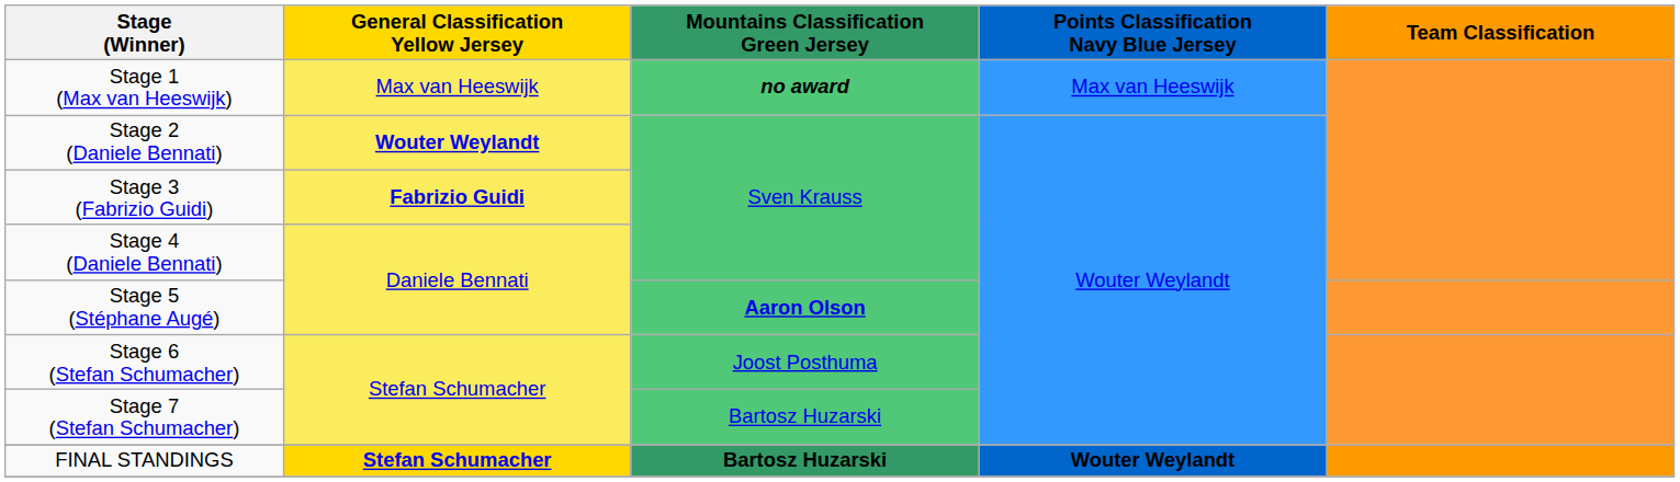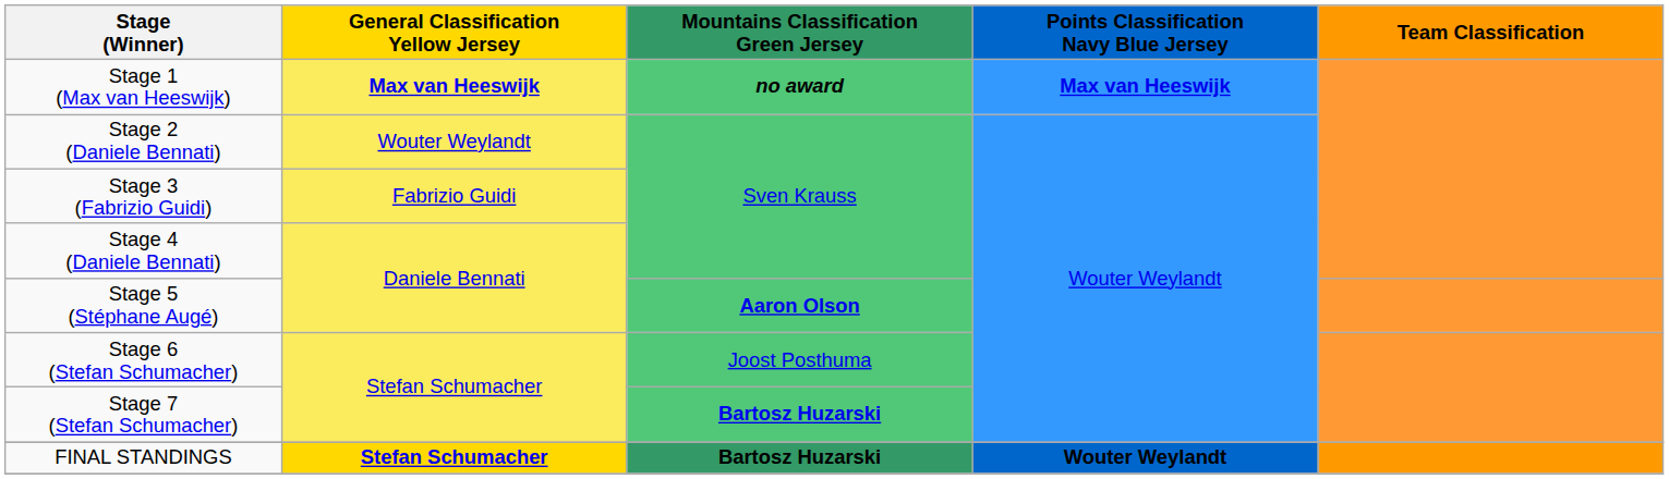 <table class="wikitable" style="text-align: center; font-size:smaller;">
 <tr style="background-color: #efefef;">
 <th width="12%">Stage<br>(Winner)</th>
 <th style="background:#FFD800;" width="15%">General Classification<br>Yellow Jersey</th>
 <th style="background:#339966;" width="15%">Mountains Classification<br>Green Jersey</th>
 <th style="background:#0066CC;" width="15%">Points Classification<br>Navy Blue Jersey</th>
 <th style="background:#FF9900;" width="15%">Team Classification</th>
 </tr>
 <tr>
 <td>Stage 1<br>(<a href='#'>Max van Heeswijk</a>)</td>
-<td style="background:#FBEC5D;" rowspan="1"><a href='#'>Max van Heeswijk</a></td>
+<td style="background:#FBEC5D;" rowspan="1"><strong><a href='#'>Max van Heeswijk</a></strong></td>
 <td style="background:#50C878;" rowspan="1"><strong><em>no award</em></strong></td>
-<td style="background:#3399FF;" rowspan="1"><a href='#'>Max van Heeswijk</a></td>
+<td style="background:#3399FF;" rowspan="1"><strong><a href='#'>Max van Heeswijk</a></strong></td>
 <td style="background:#FF9933;" rowspan="4"></td>
 </tr>
 <tr>
 <td>Stage 2<br>(<a href='#'>Daniele Bennati</a>)</td>
-<td style="background:#FBEC5D;" rowspan="1"><strong><a href='#'>Wouter Weylandt</a></strong></td>
+<td style="background:#FBEC5D;" rowspan="1"><a href='#'>Wouter Weylandt</a></td>
 <td style="background:#50C878;" rowspan="3"><a href='#'>Sven Krauss</a></td>
 <td style="background:#3399FF;" rowspan="6"><a href='#'>Wouter Weylandt</a></td>
 </tr>
 <tr>
 <td>Stage 3<br>(<a href='#'>Fabrizio Guidi</a>)</td>
-<td style="background:#FBEC5D;" rowspan="1"><strong><a href='#'>Fabrizio Guidi</a></strong></td>
+<td style="background:#FBEC5D;" rowspan="1"><a href='#'>Fabrizio Guidi</a></td>
 </tr>
 <tr>
 <td>Stage 4<br>(<a href='#'>Daniele Bennati</a>)</td>
 <td style="background:#FBEC5D;" rowspan="2"><a href='#'>Daniele Bennati</a></td>
 </tr>
 <tr>
 <td>Stage 5<br>(<a href='#'>Stéphane Augé</a>)</td>
 <td style="background:#50C878;" rowspan="1"><strong><a href='#'>Aaron Olson</a></strong></td>
 <td style="background:#FF9933;" rowspan="1"></td>
 </tr>
 <tr>
 <td>Stage 6<br>(<a href='#'>Stefan Schumacher</a>)</td>
 <td style="background:#FBEC5D;" rowspan="2"><a href='#'>Stefan Schumacher</a></td>
 <td style="background:#50C878;" rowspan="1"><a href='#'>Joost Posthuma</a></td>
 <td style="background:#FF9933;" rowspan="2"></td>
 </tr>
 <tr>
 <td>Stage 7<br>(<a href='#'>Stefan Schumacher</a>)</td>
-<td style="background:#50C878;" rowspan="1"><a href='#'>Bartosz Huzarski</a></td>
+<td style="background:#50C878;" rowspan="1"><strong><a href='#'>Bartosz Huzarski</a></strong></td>
 </tr>
 <tr>
 </tr>
 <tr>
 <td>FINAL STANDINGS<br></td>
 <th style="background:#FFD800;" rowspan="1"><a href='#'>Stefan Schumacher</a></th>
 <th style="background:#339966;" rowspan="1">Bartosz Huzarski</th>
 <th style="background:#0066CC;" rowspan="1">Wouter Weylandt</th>
 <th style="background:#FF9900;" rowspan="1"></th>
 </tr>
 <tr>
 </tr>
 </table>
